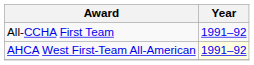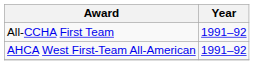 <table class="wikitable">
 <tr>
 <th>Award</th>
 <th>Year</th>
 </tr>
 <tr>
 <td>All-<a href='#'>CCHA</a> <a href='#'>First Team</a></td>
 <td><a href='#'>1991–92</a></td>
 </tr>
 <tr>
 <td><a href='#'>AHCA</a> <a href='#'>West First-Team All-American</a></td>
-<td style="background: lightyellow;"><a href='#'>1991–92</a></td>
+<td><a href='#'>1991–92</a></td>
 </tr>
 <tr>
 </tr>
 </table>
